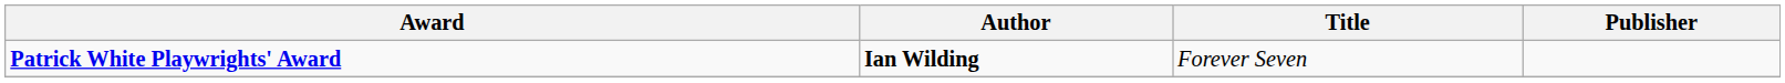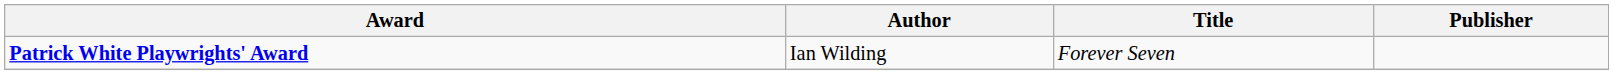 <table class="wikitable" width=100%>
 <tr>
 <th>Award</th>
 <th>Author</th>
 <th>Title</th>
 <th>Publisher</th>
 </tr>
 <tr>
 <td><strong><a href='#'>Patrick White Playwrights' Award</a></strong></td>
-<td><strong>Ian Wilding</strong></td>
+<td>Ian Wilding</td>
 <td><em>Forever Seven</em></td>
 <td></td>
 </tr>
 <tr>
 </tr>
 </table>
